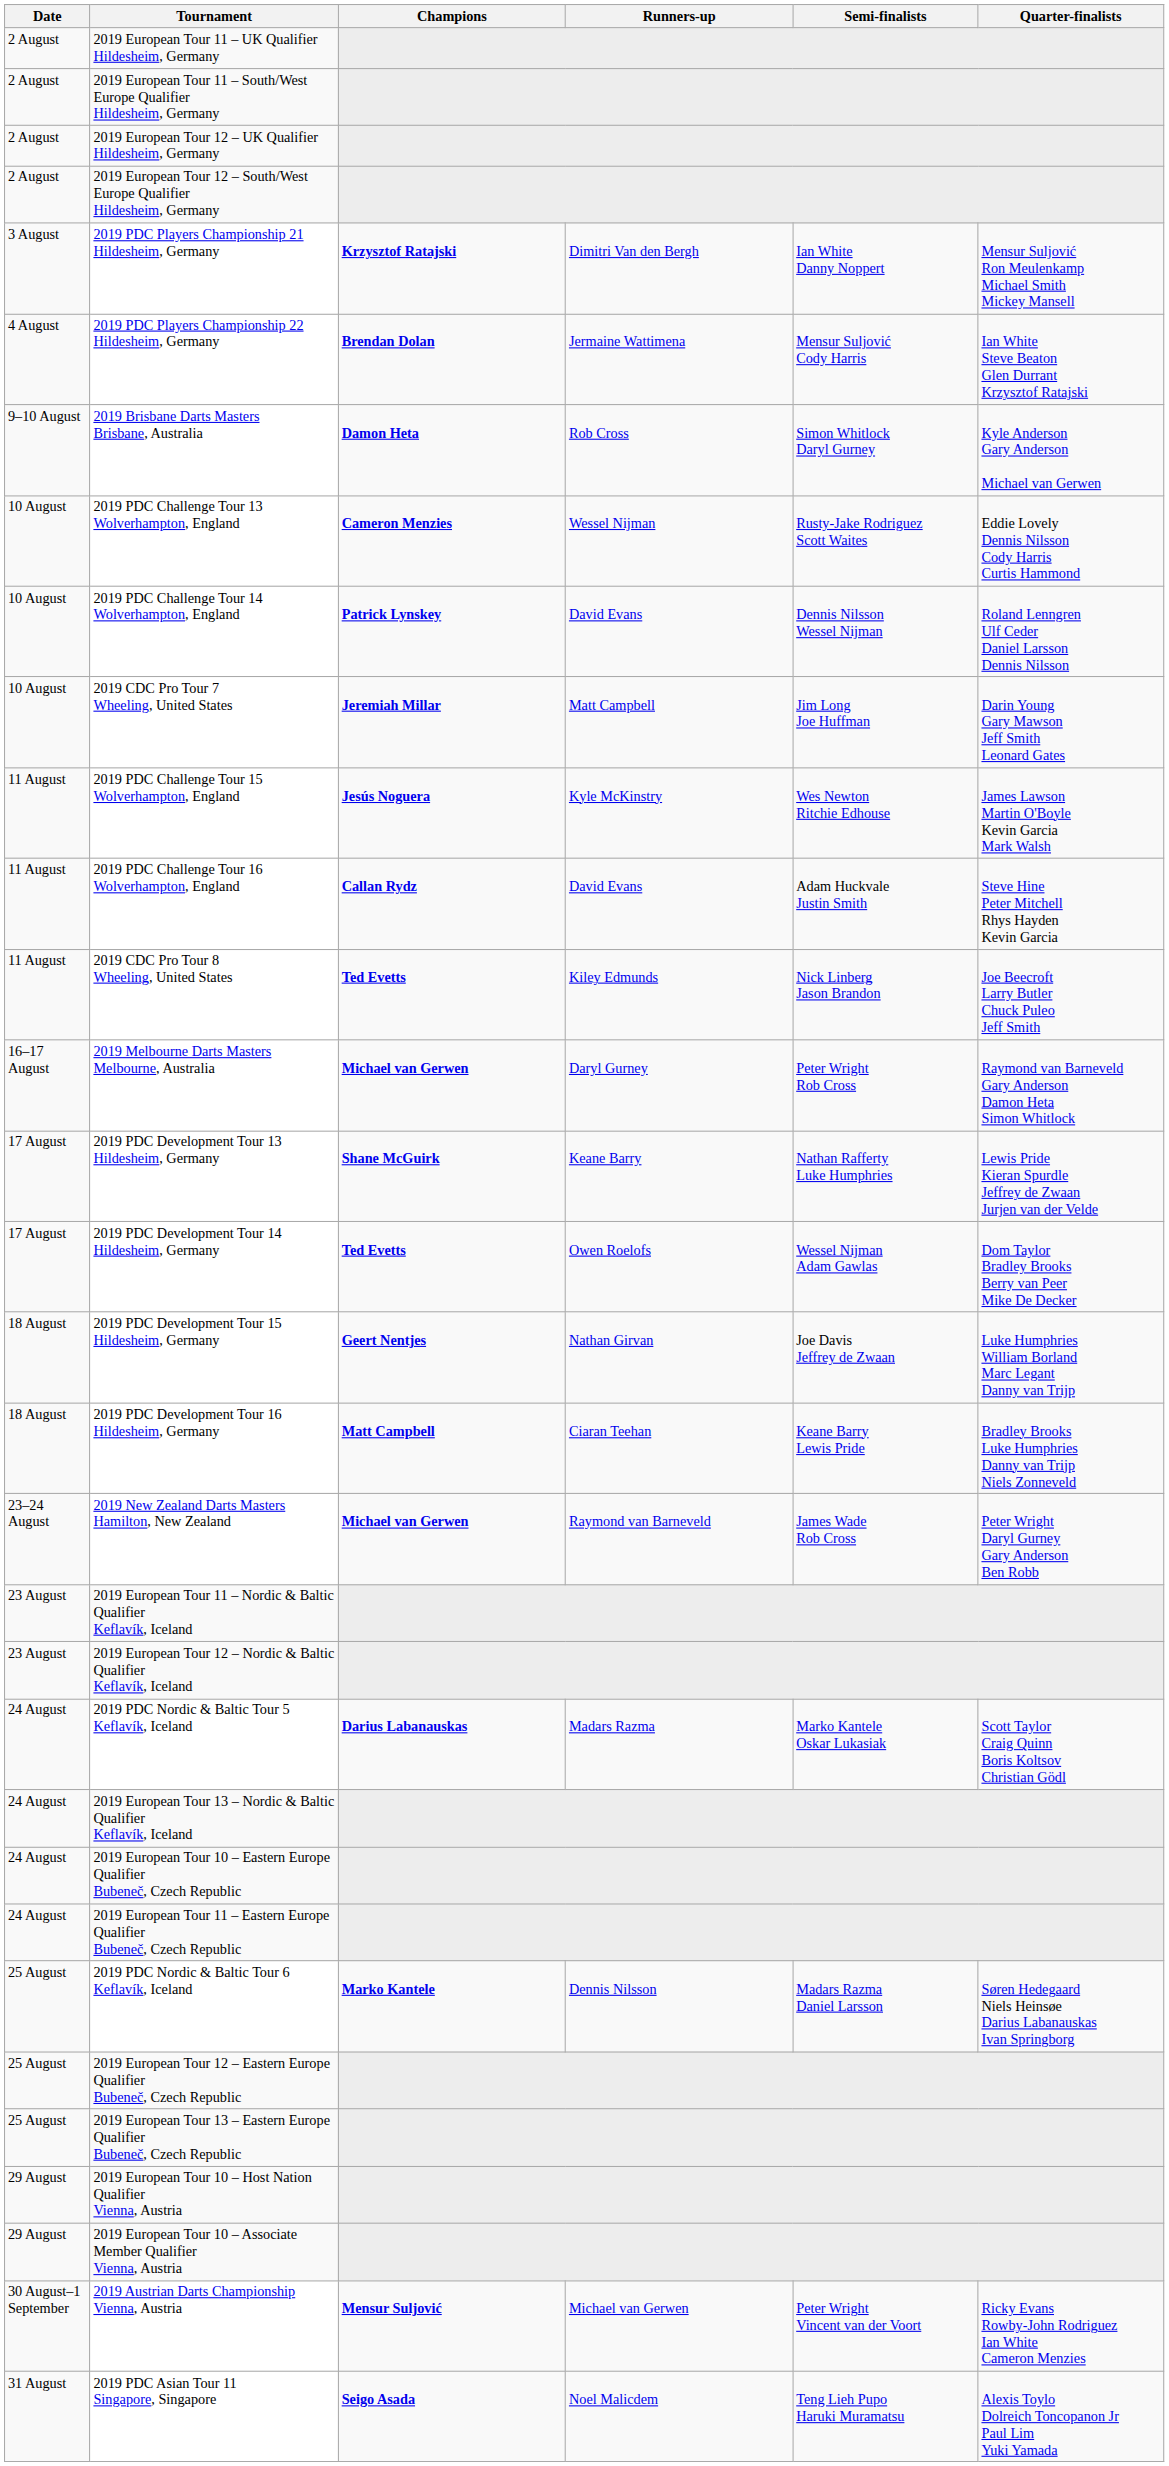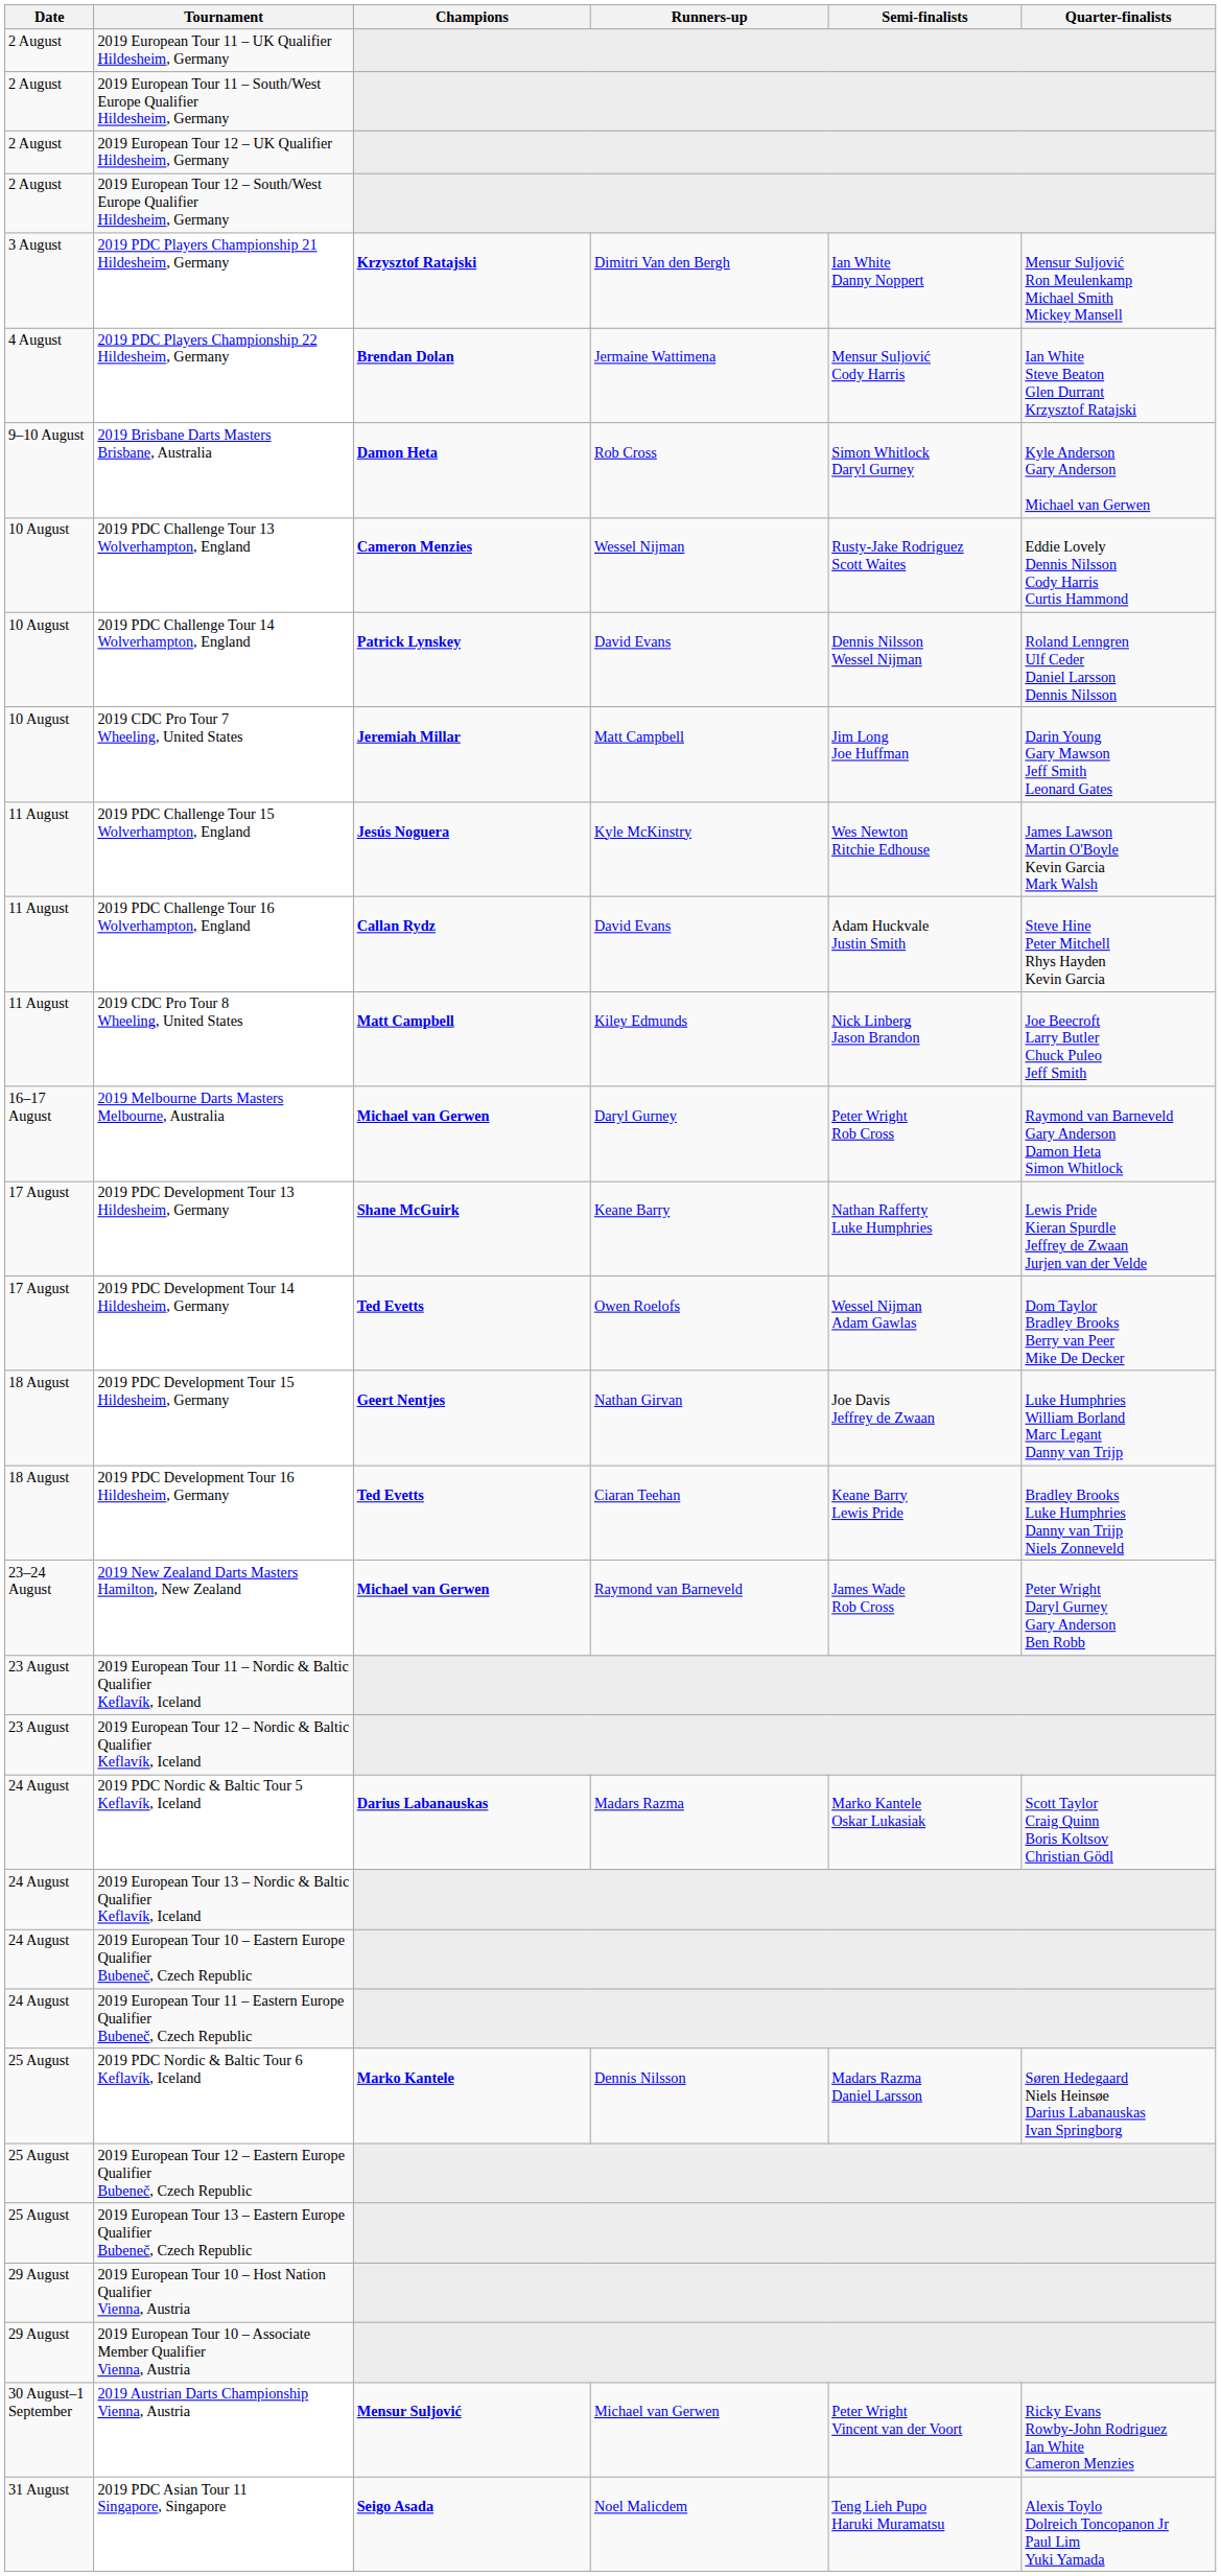 <table class=wikitable style=font-size:85%>
 <tr>
 <th width=75>Date</th>
 <th width=230>Tournament</th>
 <th width=210>Champions</th>
 <th width=210>Runners-up</th>
 <th width=170>Semi-finalists</th>
 <th width=170>Quarter-finalists</th>
 </tr>
 <tr valign="top">
 <td rowspan=1>2 August</td>
 <td>2019 European Tour 11 – UK Qualifier <br><a href='#'>Hildesheim</a>, Germany</td>
 <td colspan=4 bgcolor="#ededed"></td>
 </tr>
 <tr valign="top">
 <td rowspan=1>2 August</td>
 <td>2019 European Tour 11 – South/West Europe Qualifier <br><a href='#'>Hildesheim</a>, Germany</td>
 <td colspan=4 bgcolor="#ededed"></td>
 </tr>
 <tr valign="top">
 <td rowspan=1>2 August</td>
 <td>2019 European Tour 12 – UK Qualifier <br><a href='#'>Hildesheim</a>, Germany</td>
 <td colspan=4 bgcolor="#ededed"></td>
 </tr>
 <tr valign="top">
 <td rowspan=1>2 August</td>
 <td>2019 European Tour 12 – South/West Europe Qualifier <br><a href='#'>Hildesheim</a>, Germany</td>
 <td colspan=4 bgcolor="#ededed"></td>
 </tr>
 <tr valign="top">
 <td>3 August</td>
 <td bgcolor="#ffffff"><a href='#'>2019 PDC Players Championship 21</a><br><a href='#'>Hildesheim</a>, Germany</td>
 <td><br> <strong><a href='#'>Krzysztof Ratajski</a></strong></td>
 <td><br> <a href='#'>Dimitri Van den Bergh</a></td>
 <td><br> <a href='#'>Ian White</a> <br>  <a href='#'>Danny Noppert</a></td>
 <td><br> <a href='#'>Mensur Suljović</a> <br>  <a href='#'>Ron Meulenkamp</a> <br>  <a href='#'>Michael Smith</a> <br>  <a href='#'>Mickey Mansell</a></td>
 </tr>
 <tr valign="top">
 <td>4 August</td>
 <td bgcolor="#ffffff"><a href='#'>2019 PDC Players Championship 22</a><br><a href='#'>Hildesheim</a>, Germany</td>
 <td><br> <strong><a href='#'>Brendan Dolan</a></strong></td>
 <td><br> <a href='#'>Jermaine Wattimena</a></td>
 <td><br> <a href='#'>Mensur Suljović</a> <br>  <a href='#'>Cody Harris</a></td>
 <td><br> <a href='#'>Ian White</a> <br>  <a href='#'>Steve Beaton</a> <br>  <a href='#'>Glen Durrant</a> <br>  <a href='#'>Krzysztof Ratajski</a></td>
 </tr>
 <tr valign="top">
 <td>9–10 August</td>
 <td bgcolor="#ffffff"><a href='#'>2019 Brisbane Darts Masters</a><br><a href='#'>Brisbane</a>, Australia</td>
 <td><br> <strong><a href='#'>Damon Heta</a></strong></td>
 <td><br> <a href='#'>Rob Cross</a></td>
 <td><br> <a href='#'>Simon Whitlock</a> <br>  <a href='#'>Daryl Gurney</a></td>
 <td><br> <a href='#'>Kyle Anderson</a> <br>  <a href='#'>Gary Anderson</a> <br>  <br>  <a href='#'>Michael van Gerwen</a></td>
 </tr>
 <tr valign="top">
 <td>10 August</td>
 <td bgcolor="#ffffff">2019 PDC Challenge Tour 13<br><a href='#'>Wolverhampton</a>, England</td>
 <td><br> <strong><a href='#'>Cameron Menzies</a></strong></td>
 <td><br> <a href='#'>Wessel Nijman</a></td>
 <td><br> <a href='#'>Rusty-Jake Rodriguez</a> <br>  <a href='#'>Scott Waites</a></td>
 <td><br> Eddie Lovely <br>  <a href='#'>Dennis Nilsson</a> <br>  <a href='#'>Cody Harris</a> <br>  <a href='#'>Curtis Hammond</a></td>
 </tr>
 <tr valign="top">
 <td>10 August</td>
 <td bgcolor="#ffffff">2019 PDC Challenge Tour 14<br><a href='#'>Wolverhampton</a>, England</td>
 <td><br> <strong><a href='#'>Patrick Lynskey</a></strong></td>
 <td><br> <a href='#'>David Evans</a></td>
 <td><br> <a href='#'>Dennis Nilsson</a> <br>  <a href='#'>Wessel Nijman</a></td>
 <td><br> <a href='#'>Roland Lenngren</a> <br>  <a href='#'>Ulf Ceder</a> <br>  <a href='#'>Daniel Larsson</a> <br>  <a href='#'>Dennis Nilsson</a></td>
 </tr>
 <tr valign="top">
 <td>10 August</td>
 <td bgcolor="#ffffff">2019 CDC Pro Tour 7<br><a href='#'>Wheeling</a>, United States</td>
 <td><br> <strong><a href='#'>Jeremiah Millar</a></strong></td>
 <td><br> <a href='#'>Matt Campbell</a></td>
 <td><br> <a href='#'>Jim Long</a> <br>  <a href='#'>Joe Huffman</a></td>
 <td><br> <a href='#'>Darin Young</a> <br>  <a href='#'>Gary Mawson</a> <br>  <a href='#'>Jeff Smith</a> <br>  <a href='#'>Leonard Gates</a></td>
 </tr>
 <tr valign="top">
 <td>11 August</td>
 <td bgcolor="#ffffff">2019 PDC Challenge Tour 15<br><a href='#'>Wolverhampton</a>, England</td>
 <td><br> <strong><a href='#'>Jesús Noguera</a></strong></td>
 <td><br> <a href='#'>Kyle McKinstry</a></td>
 <td><br> <a href='#'>Wes Newton</a> <br>  <a href='#'>Ritchie Edhouse</a></td>
 <td><br> <a href='#'>James Lawson</a> <br>  <a href='#'>Martin O'Boyle</a> <br>  Kevin Garcia <br>  <a href='#'>Mark Walsh</a></td>
 </tr>
 <tr valign="top">
 <td>11 August</td>
 <td bgcolor="#ffffff">2019 PDC Challenge Tour 16<br><a href='#'>Wolverhampton</a>, England</td>
 <td><br> <strong><a href='#'>Callan Rydz</a></strong></td>
 <td><br> <a href='#'>David Evans</a></td>
 <td><br> Adam Huckvale <br>  <a href='#'>Justin Smith</a></td>
 <td><br> <a href='#'>Steve Hine</a> <br>  <a href='#'>Peter Mitchell</a> <br>  Rhys Hayden <br>  Kevin Garcia</td>
 </tr>
 <tr valign="top">
 <td>11 August</td>
 <td bgcolor="#ffffff">2019 CDC Pro Tour 8<br><a href='#'>Wheeling</a>, United States</td>
-<td><br> <strong><a href='#'>Ted Evetts</a></strong></td>
+<td><br> <strong><a href='#'>Matt Campbell</a></strong></td>
 <td><br> <a href='#'>Kiley Edmunds</a></td>
 <td><br> <a href='#'>Nick Linberg</a> <br>  <a href='#'>Jason Brandon</a></td>
 <td><br> <a href='#'>Joe Beecroft</a> <br>  <a href='#'>Larry Butler</a> <br>  <a href='#'>Chuck Puleo</a> <br>  <a href='#'>Jeff Smith</a></td>
 </tr>
 <tr valign="top">
 <td>16–17 August</td>
 <td bgcolor="#ffffff"><a href='#'>2019 Melbourne Darts Masters</a><br><a href='#'>Melbourne</a>, Australia</td>
 <td><br> <strong><a href='#'>Michael van Gerwen</a></strong></td>
 <td><br> <a href='#'>Daryl Gurney</a></td>
 <td><br> <a href='#'>Peter Wright</a> <br>  <a href='#'>Rob Cross</a></td>
 <td><br> <a href='#'>Raymond van Barneveld</a> <br>  <a href='#'>Gary Anderson</a> <br>  <a href='#'>Damon Heta</a> <br>  <a href='#'>Simon Whitlock</a></td>
 </tr>
 <tr valign="top">
 <td>17 August</td>
 <td bgcolor="#ffffff">2019 PDC Development Tour 13<br><a href='#'>Hildesheim</a>, Germany</td>
 <td><br> <strong><a href='#'>Shane McGuirk</a></strong></td>
 <td><br> <a href='#'>Keane Barry</a></td>
 <td><br> <a href='#'>Nathan Rafferty</a> <br>  <a href='#'>Luke Humphries</a></td>
 <td><br> <a href='#'>Lewis Pride</a> <br>  <a href='#'>Kieran Spurdle</a> <br>  <a href='#'>Jeffrey de Zwaan</a> <br>  <a href='#'>Jurjen van der Velde</a></td>
 </tr>
 <tr valign="top">
 <td>17 August</td>
 <td bgcolor="#ffffff">2019 PDC Development Tour 14<br><a href='#'>Hildesheim</a>, Germany</td>
 <td><br> <strong><a href='#'>Ted Evetts</a></strong></td>
 <td><br> <a href='#'>Owen Roelofs</a></td>
 <td><br> <a href='#'>Wessel Nijman</a> <br>  <a href='#'>Adam Gawlas</a></td>
 <td><br> <a href='#'>Dom Taylor</a> <br>  <a href='#'>Bradley Brooks</a> <br>  <a href='#'>Berry van Peer</a> <br>  <a href='#'>Mike De Decker</a></td>
 </tr>
 <tr valign="top">
 <td>18 August</td>
 <td bgcolor="#ffffff">2019 PDC Development Tour 15<br><a href='#'>Hildesheim</a>, Germany</td>
 <td><br> <strong><a href='#'>Geert Nentjes</a></strong></td>
 <td><br> <a href='#'>Nathan Girvan</a></td>
 <td><br> Joe Davis <br>  <a href='#'>Jeffrey de Zwaan</a></td>
 <td><br> <a href='#'>Luke Humphries</a> <br>  <a href='#'>William Borland</a> <br>  <a href='#'>Marc Legant</a> <br>  <a href='#'>Danny van Trijp</a></td>
 </tr>
 <tr valign="top">
 <td>18 August</td>
 <td bgcolor="#ffffff">2019 PDC Development Tour 16<br><a href='#'>Hildesheim</a>, Germany</td>
-<td><br> <strong><a href='#'>Matt Campbell</a></strong></td>
+<td><br> <strong><a href='#'>Ted Evetts</a></strong></td>
 <td><br> <a href='#'>Ciaran Teehan</a></td>
 <td><br> <a href='#'>Keane Barry</a> <br>  <a href='#'>Lewis Pride</a></td>
 <td><br> <a href='#'>Bradley Brooks</a> <br>  <a href='#'>Luke Humphries</a> <br>  <a href='#'>Danny van Trijp</a> <br>  <a href='#'>Niels Zonneveld</a></td>
 </tr>
 <tr valign="top">
 <td>23–24 August</td>
 <td bgcolor="#ffffff"><a href='#'>2019 New Zealand Darts Masters</a><br><a href='#'>Hamilton</a>, New Zealand</td>
 <td><br> <strong><a href='#'>Michael van Gerwen</a></strong></td>
 <td><br> <a href='#'>Raymond van Barneveld</a></td>
 <td><br> <a href='#'>James Wade</a> <br>  <a href='#'>Rob Cross</a></td>
 <td><br> <a href='#'>Peter Wright</a> <br>  <a href='#'>Daryl Gurney</a> <br>  <a href='#'>Gary Anderson</a> <br>  <a href='#'>Ben Robb</a></td>
 </tr>
 <tr valign="top">
 <td rowspan=1>23 August</td>
 <td>2019 European Tour 11 – Nordic & Baltic Qualifier <br><a href='#'>Keflavík</a>, Iceland</td>
 <td colspan=4 bgcolor="#ededed"></td>
 </tr>
 <tr valign="top">
 <td rowspan=1>23 August</td>
 <td>2019 European Tour 12 – Nordic & Baltic Qualifier <br><a href='#'>Keflavík</a>, Iceland</td>
 <td colspan=4 bgcolor="#ededed"></td>
 </tr>
 <tr valign="top">
 <td>24 August</td>
 <td bgcolor="#ffffff">2019 PDC Nordic & Baltic Tour 5<br><a href='#'>Keflavík</a>, Iceland</td>
 <td><br> <strong><a href='#'>Darius Labanauskas</a></strong></td>
 <td><br> <a href='#'>Madars Razma</a></td>
 <td><br> <a href='#'>Marko Kantele</a> <br>  <a href='#'>Oskar Lukasiak</a></td>
 <td><br> <a href='#'>Scott Taylor</a> <br>  <a href='#'>Craig Quinn</a> <br>  <a href='#'>Boris Koltsov</a> <br>  <a href='#'>Christian Gödl</a></td>
 </tr>
 <tr valign="top">
 <td rowspan=1>24 August</td>
 <td>2019 European Tour 13 – Nordic & Baltic Qualifier <br><a href='#'>Keflavík</a>, Iceland</td>
 <td colspan=4 bgcolor="#ededed"></td>
 </tr>
 <tr valign="top">
 <td rowspan=1>24 August</td>
 <td>2019 European Tour 10 – Eastern Europe Qualifier <br><a href='#'>Bubeneč</a>, Czech Republic</td>
 <td colspan=4 bgcolor="#ededed"></td>
 </tr>
 <tr valign="top">
 <td rowspan=1>24 August</td>
 <td>2019 European Tour 11 – Eastern Europe Qualifier <br><a href='#'>Bubeneč</a>, Czech Republic</td>
 <td colspan=4 bgcolor="#ededed"></td>
 </tr>
 <tr valign="top">
 <td>25 August</td>
 <td bgcolor="#ffffff">2019 PDC Nordic & Baltic Tour 6<br><a href='#'>Keflavík</a>, Iceland</td>
 <td><br> <strong><a href='#'>Marko Kantele</a></strong></td>
 <td><br> <a href='#'>Dennis Nilsson</a></td>
 <td><br> <a href='#'>Madars Razma</a> <br>  <a href='#'>Daniel Larsson</a></td>
 <td><br> <a href='#'>Søren Hedegaard</a> <br>  Niels Heinsøe <br>  <a href='#'>Darius Labanauskas</a> <br>  <a href='#'>Ivan Springborg</a></td>
 </tr>
 <tr valign="top">
 <td rowspan=1>25 August</td>
 <td>2019 European Tour 12 – Eastern Europe Qualifier <br><a href='#'>Bubeneč</a>, Czech Republic</td>
 <td colspan=4 bgcolor="#ededed"></td>
 </tr>
 <tr valign="top">
 <td rowspan=1>25 August</td>
 <td>2019 European Tour 13 – Eastern Europe Qualifier <br><a href='#'>Bubeneč</a>, Czech Republic</td>
 <td colspan=4 bgcolor="#ededed"></td>
 </tr>
 <tr valign="top">
 <td rowspan=1>29 August</td>
 <td>2019 European Tour 10 – Host Nation Qualifier <br><a href='#'>Vienna</a>, Austria</td>
 <td colspan=4 bgcolor="#ededed"></td>
 </tr>
 <tr valign="top">
 <td rowspan=1>29 August</td>
 <td>2019 European Tour 10 – Associate Member Qualifier <br><a href='#'>Vienna</a>, Austria</td>
 <td colspan=4 bgcolor="#ededed"></td>
 </tr>
 <tr valign="top">
 <td>30 August–1 September</td>
 <td bgcolor="#ffffff"><a href='#'>2019 Austrian Darts Championship</a><br><a href='#'>Vienna</a>, Austria</td>
 <td><br> <strong><a href='#'>Mensur Suljović</a></strong></td>
 <td><br> <a href='#'>Michael van Gerwen</a></td>
 <td><br> <a href='#'>Peter Wright</a> <br>  <a href='#'>Vincent van der Voort</a></td>
 <td><br> <a href='#'>Ricky Evans</a> <br>  <a href='#'>Rowby-John Rodriguez</a> <br>  <a href='#'>Ian White</a> <br>  <a href='#'>Cameron Menzies</a></td>
 </tr>
 <tr valign="top">
 <td>31 August</td>
 <td bgcolor="#ffffff">2019 PDC Asian Tour 11<br><a href='#'>Singapore</a>, Singapore</td>
 <td><br> <strong><a href='#'>Seigo Asada</a></strong></td>
 <td><br> <a href='#'>Noel Malicdem</a></td>
 <td><br> <a href='#'>Teng Lieh Pupo</a> <br>  <a href='#'>Haruki Muramatsu</a></td>
 <td><br> <a href='#'>Alexis Toylo</a> <br>  <a href='#'>Dolreich Toncopanon Jr</a> <br>  <a href='#'>Paul Lim</a> <br>  <a href='#'>Yuki Yamada</a></td>
 </tr>
 </table>
